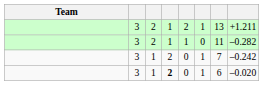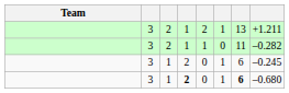 <table class="wikitable" style="text-align:center">
 <tr>
 <th width=200>Team</th>
 <th width=20></th>
 <th width=20></th>
 <th width=20></th>
 <th width=20></th>
 <th width=20></th>
 <th width=20></th>
 <th width=45></th>
 </tr>
 <tr style="background:#cfc">
 <td align="left"></td>
 <td>3</td>
 <td>2</td>
 <td>1</td>
 <td>2</td>
 <td>1</td>
 <td>13</td>
 <td>+1.211</td>
 </tr>
 <tr style="background:#cfc">
 <td align="left"></td>
 <td>3</td>
 <td>2</td>
 <td>1</td>
 <td>1</td>
 <td>0</td>
 <td>11</td>
 <td>–0.282</td>
 </tr>
 <tr>
 <td align="left"></td>
 <td>3</td>
 <td>1</td>
 <td>2</td>
 <td>0</td>
 <td>1</td>
-<td>7</td>
-<td>–0.242</td>
+<td>6</td>
+<td>–0.245</td>
 </tr>
 <tr>
 <td align="left"></td>
 <td>3</td>
 <td>1</td>
 <td><strong>2</strong></td>
 <td>0</td>
 <td>1</td>
-<td>6</td>
-<td>–0.020</td>
+<td><strong>6</strong></td>
+<td>–0.680</td>
 </tr>
 </table>
